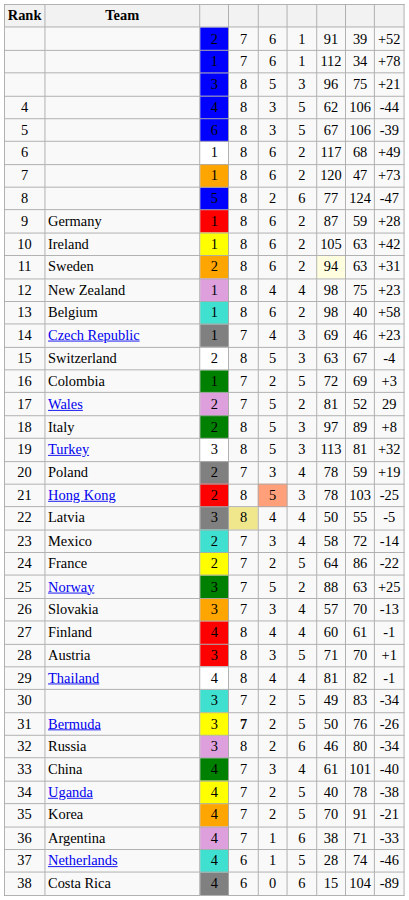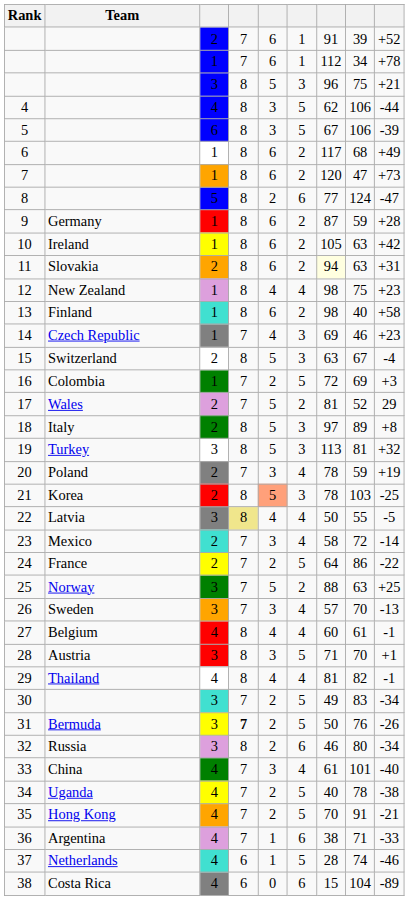 <table class="wikitable sortable" style="text-align:center;">
 <tr bc=gold>
 <th>Rank</th>
 <th width=165>Team</th>
 <th width=25></th>
 <th width=25></th>
 <th width=25></th>
 <th width=25></th>
 <th width=25></th>
 <th width=25></th>
 <th width=25><br>         </th>
 </tr>
 <tr>
 <td></td>
 <td align=left>  </td>
 <td bgcolor=blue><span>2</span> </td>
 <td>7 </td>
 <td>6 </td>
 <td>1 </td>
 <td>91 </td>
 <td>39 </td>
 <td>+52 </td>
 </tr>
 <tr>
 <td></td>
 <td align=left> </td>
 <td bgcolor=blue><span>1</span> </td>
 <td>7 </td>
 <td>6 </td>
 <td>1 </td>
 <td>112 </td>
 <td>34 </td>
 <td>+78 </td>
 </tr>
 <tr>
 <td></td>
 <td align=left> </td>
 <td bgcolor=blue><span>3</span> </td>
 <td>8 </td>
 <td>5 </td>
 <td>3 </td>
 <td>96 </td>
 <td>75 </td>
 <td>+21 </td>
 </tr>
 <tr>
 <td>4</td>
 <td align=left> </td>
 <td bgcolor=blue><span>4</span></td>
 <td>8 </td>
 <td>3 </td>
 <td>5 </td>
 <td>62 </td>
 <td>106 </td>
 <td>-44 </td>
 </tr>
 <tr>
 <td>5</td>
 <td align=left> </td>
 <td bgcolor=blue><span>6</span> </td>
 <td>8 </td>
 <td>3 </td>
 <td>5 </td>
 <td>67 </td>
 <td>106 </td>
 <td>-39 </td>
 </tr>
 <tr>
 <td>6</td>
 <td align=left> </td>
 <td bgcolor=white>1 </td>
 <td>8 </td>
 <td>6 </td>
 <td>2 </td>
 <td>117 </td>
 <td>68 </td>
 <td>+49 </td>
 </tr>
 <tr>
 <td>7</td>
 <td align=left> </td>
 <td bgcolor=orange><span>1</span> </td>
 <td>8 </td>
 <td>6 </td>
 <td>2 </td>
 <td>120 </td>
 <td>47 </td>
 <td>+73 </td>
 </tr>
 <tr>
 <td>8</td>
 <td align=left>  </td>
 <td bgcolor=blue><span>5</span> </td>
 <td>8 </td>
 <td>2 </td>
 <td>6 </td>
 <td>77 </td>
 <td>124 </td>
 <td>-47 </td>
 </tr>
 <tr>
 <td>9</td>
 <td align=left> Germany</td>
 <td bgcolor=red><span>1</span> </td>
 <td>8 </td>
 <td>6 </td>
 <td>2 </td>
 <td>87 </td>
 <td>59 </td>
 <td>+28 </td>
 </tr>
 <tr>
 <td>10</td>
 <td align=left> Ireland </td>
 <td bgcolor=yellow>1 </td>
 <td>8 </td>
 <td>6 </td>
 <td>2 </td>
 <td>105 </td>
 <td>63 </td>
 <td>+42 </td>
 </tr>
 <tr>
 <td>11</td>
-<td align=left> Sweden </td>
+<td align=left> Slovakia</td>
 <td bgcolor=orange><span>2</span> </td>
 <td>8 </td>
 <td>6 </td>
 <td>2 </td>
 <td style="background: lightyellow;">94 </td>
 <td>63 </td>
 <td>+31 </td>
 </tr>
 <tr>
 <td>12</td>
 <td align=left> New Zealand </td>
 <td bgcolor=plum><span>1</span> </td>
 <td>8 </td>
 <td>4 </td>
 <td>4 </td>
 <td>98 </td>
 <td>75 </td>
 <td>+23 </td>
 </tr>
 <tr>
 <td>13</td>
-<td align=left> Belgium </td>
+<td align=left> Finland </td>
 <td bgcolor=turquoise><span>1</span> </td>
 <td>8 </td>
 <td>6 </td>
 <td>2 </td>
 <td>98 </td>
 <td>40 </td>
 <td>+58 </td>
 </tr>
 <tr>
 <td>14</td>
 <td align=left> <a href='#'>Czech Republic</a> </td>
 <td bgcolor=grey><span>1</span> </td>
 <td>7 </td>
 <td>4 </td>
 <td>3 </td>
 <td>69 </td>
 <td>46 </td>
 <td>+23 </td>
 </tr>
 <tr>
 <td>15</td>
 <td align=left> Switzerland </td>
 <td bgcolor=white>2</td>
 <td>8 </td>
 <td>5 </td>
 <td>3 </td>
 <td>63 </td>
 <td>67 </td>
 <td>-4 </td>
 </tr>
 <tr>
 <td>16</td>
 <td align=left> Colombia </td>
 <td bgcolor=green><span>1</span> </td>
 <td>7 </td>
 <td>2 </td>
 <td>5 </td>
 <td>72 </td>
 <td>69 </td>
 <td>+3 </td>
 </tr>
 <tr>
 <td>17</td>
 <td align=left> <a href='#'>Wales</a> </td>
 <td bgcolor=plum><span>2</span> </td>
 <td>7 </td>
 <td>5 </td>
 <td>2 </td>
 <td>81 </td>
 <td>52 </td>
 <td>29 </td>
 </tr>
 <tr>
 <td>18</td>
 <td align=left> Italy </td>
 <td bgcolor=green><span>2</span> </td>
 <td>8 </td>
 <td>5 </td>
 <td>3 </td>
 <td>97 </td>
 <td>89 </td>
 <td>+8 </td>
 </tr>
 <tr>
 <td>19</td>
 <td align=left> <a href='#'>Turkey</a> </td>
 <td bgcolor=white>3</td>
 <td>8 </td>
 <td>5 </td>
 <td>3 </td>
 <td>113 </td>
 <td>81 </td>
 <td>+32 </td>
 </tr>
 <tr>
 <td>20</td>
 <td align=left> Poland </td>
 <td bgcolor=grey><span>2</span> </td>
 <td>7 </td>
 <td>3 </td>
 <td>4 </td>
 <td>78 </td>
 <td>59 </td>
 <td>+19 </td>
 </tr>
 <tr>
 <td>21</td>
-<td align=left> <a href='#'>Hong Kong</a> </td>
+<td align=left> Korea </td>
 <td bgcolor=red><span>2</span> </td>
 <td>8 </td>
 <td style="background: lightsalmon;">5 </td>
 <td>3 </td>
 <td>78 </td>
 <td>103 </td>
 <td>-25 </td>
 </tr>
 <tr>
 <td>22</td>
 <td align=left> Latvia  </td>
 <td bgcolor=grey><span>3</span> </td>
 <td style="background: khaki;">8 </td>
 <td>4 </td>
 <td>4 </td>
 <td>50 </td>
 <td>55 </td>
 <td>-5 </td>
 </tr>
 <tr>
 <td>23</td>
 <td align=left> Mexico </td>
 <td bgcolor=turquoise><span>2</span> </td>
 <td>7 </td>
 <td>3 </td>
 <td>4 </td>
 <td>58 </td>
 <td>72 </td>
 <td>-14 </td>
 </tr>
 <tr>
 <td>24</td>
 <td align=left> France</td>
 <td bgcolor=yellow>2 </td>
 <td>7 </td>
 <td>2 </td>
 <td>5 </td>
 <td>64 </td>
 <td>86 </td>
 <td>-22 </td>
 </tr>
 <tr>
 <td>25</td>
 <td align=left> <a href='#'>Norway</a></td>
 <td bgcolor=green><span>3</span> </td>
 <td>7 </td>
 <td>5 </td>
 <td>2 </td>
 <td>88 </td>
 <td>63 </td>
 <td>+25 </td>
 </tr>
 <tr>
 <td>26</td>
-<td align=left> Slovakia</td>
+<td align=left> Sweden </td>
 <td bgcolor=orange><span>3</span> </td>
 <td>7 </td>
 <td>3 </td>
 <td>4 </td>
 <td>57 </td>
 <td>70 </td>
 <td>-13 </td>
 </tr>
 <tr>
 <td>27</td>
-<td align=left> Finland </td>
+<td align=left> Belgium </td>
 <td bgcolor=red><span>4</span> </td>
 <td>8 </td>
 <td>4 </td>
 <td>4 </td>
 <td>60 </td>
 <td>61 </td>
 <td>-1 </td>
 </tr>
 <tr>
 <td>28</td>
 <td align=left> Austria</td>
 <td bgcolor=red><span>3</span> </td>
 <td>8 </td>
 <td>3 </td>
 <td>5 </td>
 <td>71 </td>
 <td>70 </td>
 <td>+1 </td>
 </tr>
 <tr>
 <td>29</td>
 <td align=left> <a href='#'>Thailand</a></td>
 <td bgcolor=white>4</td>
 <td>8 </td>
 <td>4 </td>
 <td>4 </td>
 <td>81 </td>
 <td>82 </td>
 <td>-1 </td>
 </tr>
 <tr>
 <td>30</td>
 <td align=left>  </td>
 <td bgcolor=turquoise><span>3</span> </td>
 <td>7 </td>
 <td>2 </td>
 <td>5 </td>
 <td>49 </td>
 <td>83 </td>
 <td>-34 </td>
 </tr>
 <tr>
 <td>31</td>
 <td align=left> <a href='#'>Bermuda</a> </td>
 <td bgcolor=yellow>3 </td>
 <td><strong>7 </strong></td>
 <td>2 </td>
 <td>5 </td>
 <td>50 </td>
 <td>76 </td>
 <td>-26 </td>
 </tr>
 <tr>
 <td>32</td>
 <td align=left> Russia</td>
 <td bgcolor=plum><span>3</span> </td>
 <td>8 </td>
 <td>2 </td>
 <td>6 </td>
 <td>46 </td>
 <td>80 </td>
 <td>-34 </td>
 </tr>
 <tr>
 <td>33</td>
 <td align=left> China </td>
 <td bgcolor=green><span>4</span> </td>
 <td>7 </td>
 <td>3 </td>
 <td>4 </td>
 <td>61 </td>
 <td>101 </td>
 <td>-40 </td>
 </tr>
 <tr>
 <td>34</td>
 <td align=left> <a href='#'>Uganda</a> </td>
 <td bgcolor=yellow>4 </td>
 <td>7 </td>
 <td>2 </td>
 <td>5 </td>
 <td>40 </td>
 <td>78 </td>
 <td>-38 </td>
 </tr>
 <tr>
 <td>35</td>
-<td align=left> Korea </td>
+<td align=left> <a href='#'>Hong Kong</a> </td>
 <td bgcolor=orange><span>4</span> </td>
 <td>7 </td>
 <td>2 </td>
 <td>5 </td>
 <td>70 </td>
 <td>91 </td>
 <td>-21 </td>
 </tr>
 <tr>
 <td>36</td>
 <td align=left> Argentina </td>
 <td bgcolor=plum><span>4</span> </td>
 <td>7 </td>
 <td>1 </td>
 <td>6 </td>
 <td>38 </td>
 <td>71 </td>
 <td>-33 </td>
 </tr>
 <tr>
 <td>37</td>
 <td align=left> <a href='#'>Netherlands</a> </td>
 <td bgcolor=turquoise><span>4</span> </td>
 <td>6 </td>
 <td>1 </td>
 <td>5 </td>
 <td>28 </td>
 <td>74 </td>
 <td>-46 </td>
 </tr>
 <tr>
 <td>38</td>
 <td align=left> Costa Rica </td>
 <td bgcolor=grey><span>4</span> </td>
 <td>6 </td>
 <td>0 </td>
 <td>6 </td>
 <td>15 </td>
 <td>104 </td>
 <td>-89 </td>
 </tr>
 </table>
